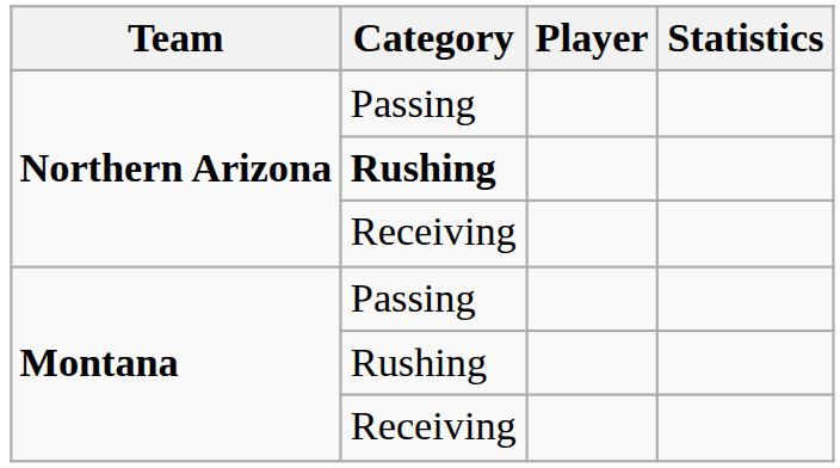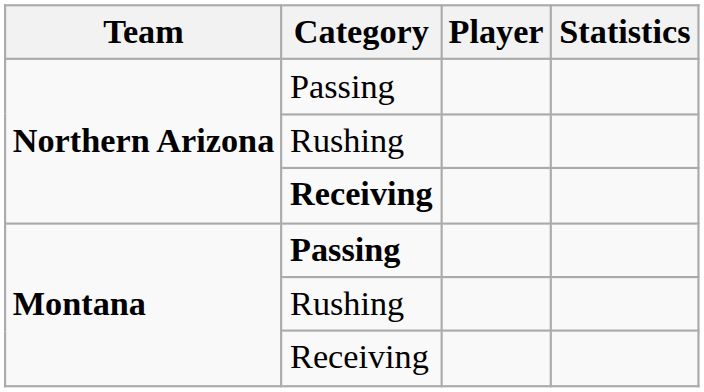 <table class="wikitable" style="float: right;">
 <tr>
 <th>Team</th>
 <th>Category</th>
 <th>Player</th>
 <th>Statistics</th>
 </tr>
 <tr>
 <td rowspan=3><strong>Northern Arizona</strong></td>
 <td>Passing</td>
 <td></td>
 <td></td>
 </tr>
 <tr>
-<td><strong>Rushing</strong></td>
+<td>Rushing</td>
 <td></td>
 <td></td>
 </tr>
 <tr>
-<td>Receiving</td>
+<td><strong>Receiving</strong></td>
 <td></td>
 <td></td>
 </tr>
 <tr>
 <td rowspan=3><strong>Montana</strong></td>
-<td>Passing</td>
+<td><strong>Passing</strong></td>
 <td></td>
 <td></td>
 </tr>
 <tr>
 <td>Rushing</td>
 <td></td>
 <td></td>
 </tr>
 <tr>
 <td>Receiving</td>
 <td></td>
 <td></td>
 </tr>
 </table>
